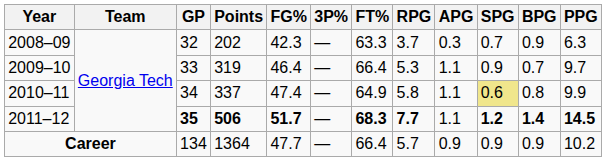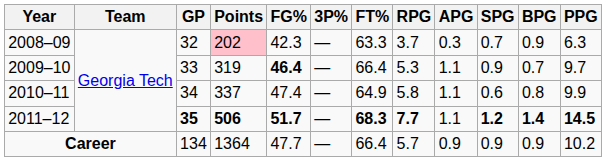 <table class="wikitable sortable">
 <tr>
 <th>Year</th>
 <th>Team</th>
 <th>GP</th>
 <th>Points</th>
 <th>FG%</th>
 <th>3P%</th>
 <th>FT%</th>
 <th>RPG</th>
 <th>APG</th>
 <th>SPG</th>
 <th>BPG</th>
 <th>PPG</th>
 </tr>
 <tr>
 <td>2008–09</td>
 <td rowspan=4><a href='#'>Georgia Tech</a></td>
 <td>32</td>
-<td>202</td>
+<td style="background: pink;">202</td>
 <td>42.3</td>
 <td>—</td>
 <td>63.3</td>
 <td>3.7</td>
 <td>0.3</td>
 <td>0.7</td>
 <td>0.9</td>
 <td>6.3</td>
 </tr>
 <tr>
 <td>2009–10</td>
 <td>33</td>
 <td>319</td>
-<td>46.4</td>
+<td><strong>46.4</strong></td>
 <td>—</td>
 <td>66.4</td>
 <td>5.3</td>
 <td>1.1</td>
 <td>0.9</td>
 <td>0.7</td>
 <td>9.7</td>
 </tr>
 <tr>
 <td>2010–11</td>
 <td>34</td>
 <td>337</td>
 <td>47.4</td>
 <td>—</td>
 <td>64.9</td>
 <td>5.8</td>
 <td>1.1</td>
-<td style="background: khaki;">0.6</td>
+<td>0.6</td>
 <td>0.8</td>
 <td>9.9</td>
 </tr>
 <tr>
 <td>2011–12</td>
 <td><strong>35</strong></td>
 <td><strong>506</strong></td>
 <td><strong>51.7</strong></td>
 <td>—</td>
 <td><strong>68.3</strong></td>
 <td><strong>7.7</strong></td>
 <td>1.1</td>
 <td><strong>1.2</strong></td>
 <td><strong>1.4</strong></td>
 <td><strong>14.5</strong></td>
 </tr>
 <tr class="sortbottom">
 <td colspan=2 align=center><strong>Career</strong></td>
 <td>134</td>
 <td>1364</td>
 <td>47.7</td>
 <td>—</td>
 <td>66.4</td>
 <td>5.7</td>
 <td>0.9</td>
 <td>0.9</td>
 <td>0.9</td>
 <td>10.2</td>
 </tr>
 </table>
